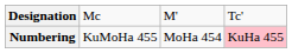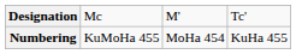 <table class="wikitable">
 <tr>
 <th>Designation</th>
 <td>Mc</td>
 <td>M'</td>
 <td>Tc'</td>
 </tr>
 <tr>
 <th>Numbering</th>
 <td>KuMoHa 455</td>
 <td>MoHa 454</td>
-<td style="background: pink;">KuHa 455</td>
+<td>KuHa 455</td>
 </tr>
 </table>
